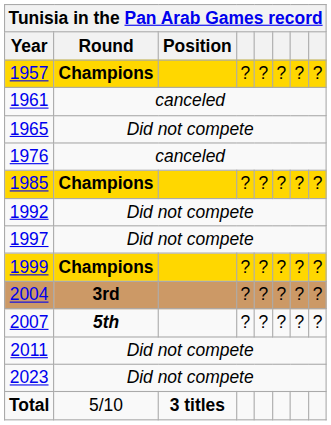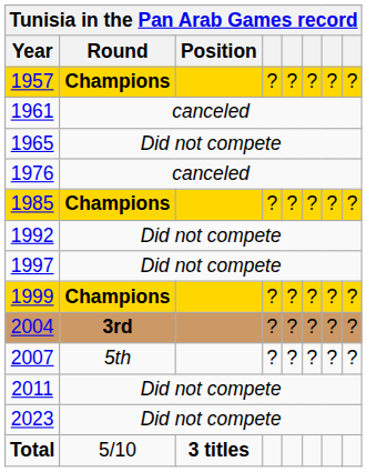 <table class="wikitable" style="text-align: center;">
 <tr>
 <th colspan=10>Tunisia in the <a href='#'>Pan Arab Games record</a></th>
 </tr>
 <tr>
 <th>Year</th>
 <th>Round</th>
 <th>Position</th>
 <th></th>
 <th></th>
 <th></th>
 <th></th>
 <th></th>
 </tr>
 <tr style="background:gold;">
 <td> <a href='#'>1957</a></td>
 <td><strong>Champions</strong></td>
 <td></td>
 <td>?</td>
 <td>?</td>
 <td>?</td>
 <td>?</td>
 <td>?</td>
 </tr>
 <tr style=>
 <td> <a href='#'>1961</a></td>
 <td colspan=10 rowspan=1><em>canceled</em></td>
 </tr>
 <tr style=>
 <td> <a href='#'>1965</a></td>
 <td colspan=10 rowspan=1><em>Did not compete</em></td>
 </tr>
 <tr style=>
 <td> <a href='#'>1976</a></td>
 <td colspan=10 rowspan=1><em>canceled</em></td>
 </tr>
 <tr style="background:gold;">
 <td> <a href='#'>1985</a></td>
 <td><strong>Champions</strong></td>
 <td></td>
 <td>?</td>
 <td>?</td>
 <td>?</td>
 <td>?</td>
 <td>?</td>
 </tr>
 <tr>
 <td> <a href='#'>1992</a></td>
 <td colspan=10 rowspan=1><em>Did not compete</em></td>
 </tr>
 <tr style=>
 <td> <a href='#'>1997</a></td>
 <td colspan=10 rowspan=1><em>Did not compete</em></td>
 </tr>
 <tr style="background:gold;">
 <td> <a href='#'>1999</a></td>
 <td><strong>Champions</strong></td>
 <td></td>
 <td>?</td>
 <td>?</td>
 <td>?</td>
 <td>?</td>
 <td>?</td>
 </tr>
 <tr style="background:#cc9966">
 <td> <a href='#'>2004</a></td>
 <td><strong>3rd</strong></td>
 <td></td>
 <td>?</td>
 <td>?</td>
 <td>?</td>
 <td>?</td>
 <td>?</td>
 </tr>
 <tr style="background:">
 <td> <a href='#'>2007</a></td>
-<td><strong><em>5th</em></strong></td>
+<td><em>5th</em></td>
 <td></td>
 <td>?</td>
 <td>?</td>
 <td>?</td>
 <td>?</td>
 <td>?</td>
 </tr>
 <tr style="background:">
 <td> <a href='#'>2011</a></td>
 <td colspan=10 rowspan=1><em>Did not compete</em></td>
 </tr>
 <tr style="background:">
 <td> <a href='#'>2023</a></td>
 <td colspan=10 rowspan=1><em>Did not compete</em></td>
 </tr>
 <tr>
 <td><strong>Total</strong></td>
 <td>5/10</td>
 <td><strong>3 titles</strong></td>
 <td></td>
 <td></td>
 <td></td>
 <td></td>
 <td></td>
 </tr>
 </table>
